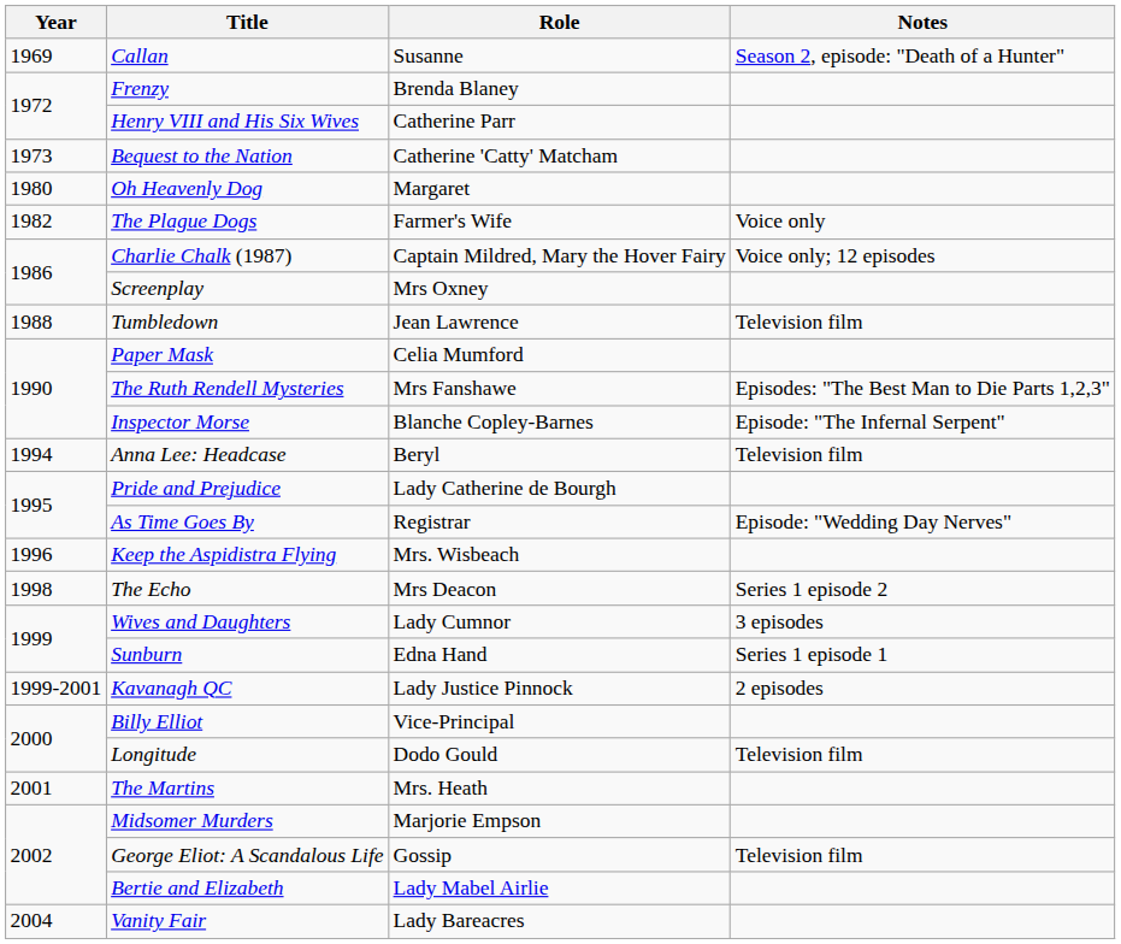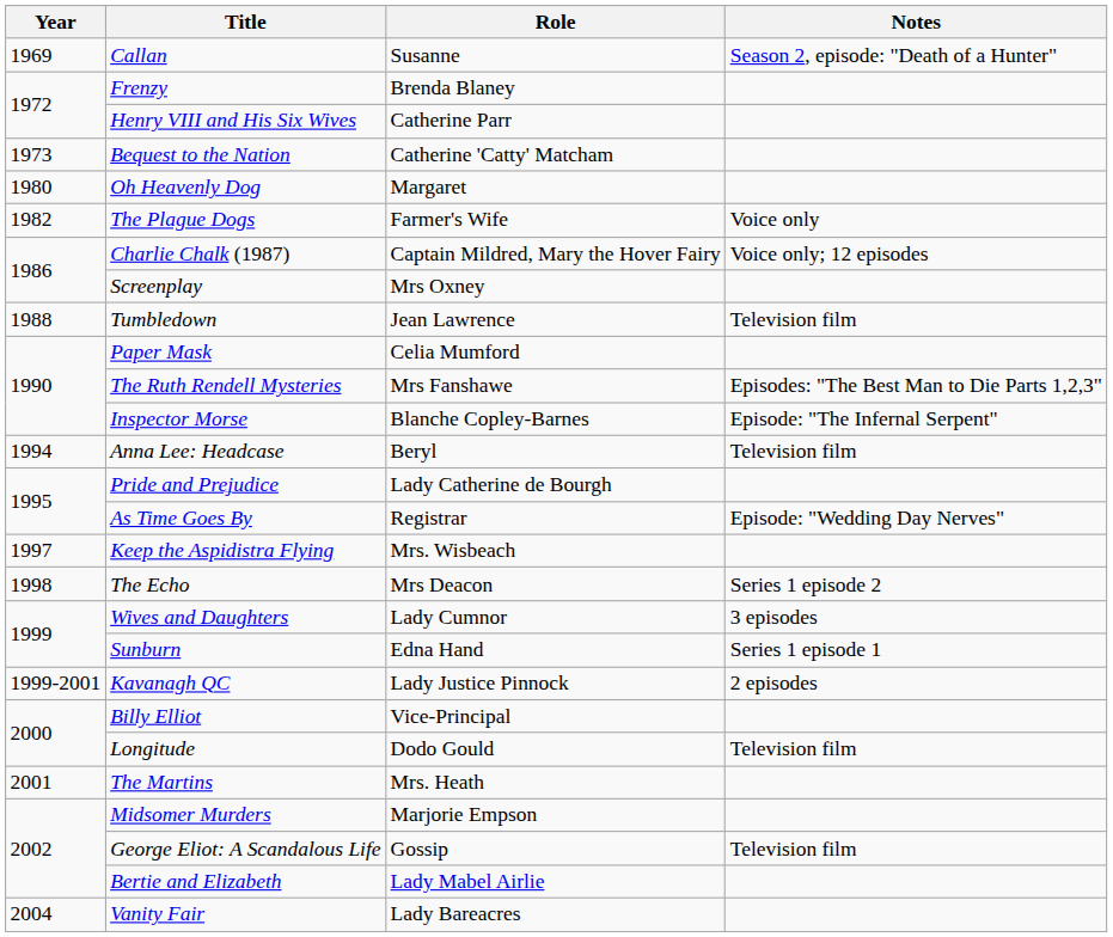 <table class="wikitable plainrowheaders sortable">
 <tr>
 <th scope="col">Year</th>
 <th scope="col">Title</th>
 <th scope="col">Role</th>
 <th class="unsortable">Notes</th>
 </tr>
 <tr>
 <td>1969</td>
 <td><a href='#'><em>Callan</em></a></td>
 <td>Susanne</td>
 <td><a href='#'>Season 2</a>, episode: "Death of a Hunter"</td>
 </tr>
 <tr>
 <td rowspan="2">1972</td>
 <td><em><a href='#'>Frenzy</a></em></td>
 <td>Brenda Blaney</td>
 <td></td>
 </tr>
 <tr>
 <td><em><a href='#'>Henry VIII and His Six Wives</a></em></td>
 <td>Catherine Parr</td>
 <td></td>
 </tr>
 <tr>
 <td>1973</td>
 <td><em><a href='#'>Bequest to the Nation</a></em></td>
 <td>Catherine 'Catty' Matcham</td>
 <td></td>
 </tr>
 <tr>
 <td>1980</td>
 <td><em><a href='#'>Oh Heavenly Dog</a></em></td>
 <td>Margaret</td>
 <td></td>
 </tr>
 <tr>
 <td>1982</td>
 <td><em><a href='#'>The Plague Dogs</a></em></td>
 <td>Farmer's Wife</td>
 <td>Voice only</td>
 </tr>
 <tr>
 <td rowspan="2">1986</td>
 <td><em><a href='#'>Charlie Chalk</a></em> (1987)</td>
 <td>Captain Mildred, Mary the Hover Fairy</td>
 <td>Voice only; 12 episodes</td>
 </tr>
 <tr>
 <td><em>Screenplay</em></td>
 <td>Mrs Oxney</td>
 <td></td>
 </tr>
 <tr>
 <td>1988</td>
 <td><em>Tumbledown</em></td>
 <td>Jean Lawrence</td>
 <td>Television film</td>
 </tr>
 <tr>
 <td rowspan="3">1990</td>
 <td><em><a href='#'>Paper Mask</a></em></td>
 <td>Celia Mumford</td>
 <td></td>
 </tr>
 <tr>
 <td><em><a href='#'>The Ruth Rendell Mysteries</a></em></td>
 <td>Mrs Fanshawe</td>
 <td>Episodes: "The Best Man to Die Parts 1,2,3"</td>
 </tr>
 <tr>
 <td><em><a href='#'>Inspector Morse</a></em></td>
 <td>Blanche Copley-Barnes</td>
 <td>Episode: "The Infernal Serpent"</td>
 </tr>
 <tr>
 <td>1994</td>
 <td><em>Anna Lee: Headcase</em></td>
 <td>Beryl</td>
 <td>Television film</td>
 </tr>
 <tr>
 <td rowspan="2'">1995</td>
 <td><em><a href='#'>Pride and Prejudice</a></em></td>
 <td>Lady Catherine de Bourgh</td>
 <td></td>
 </tr>
 <tr>
 <td><em><a href='#'>As Time Goes By</a></em></td>
 <td>Registrar</td>
 <td>Episode: "Wedding Day Nerves"</td>
 </tr>
 <tr>
-<td>1996</td>
+<td>1997</td>
 <td><em><a href='#'>Keep the Aspidistra Flying</a></em></td>
 <td>Mrs. Wisbeach</td>
 <td></td>
 </tr>
 <tr>
 <td>1998</td>
 <td><em>The Echo</em></td>
 <td>Mrs Deacon</td>
 <td>Series 1 episode 2</td>
 </tr>
 <tr>
 <td rowspan="2">1999</td>
 <td><em><a href='#'>Wives and Daughters</a></em></td>
 <td>Lady Cumnor</td>
 <td>3 episodes</td>
 </tr>
 <tr>
 <td><em><a href='#'>Sunburn</a></em></td>
 <td>Edna Hand</td>
 <td>Series 1 episode 1</td>
 </tr>
 <tr>
 <td>1999-2001</td>
 <td><em><a href='#'>Kavanagh QC</a></em></td>
 <td>Lady Justice Pinnock</td>
 <td>2 episodes</td>
 </tr>
 <tr>
 <td rowspan="2">2000</td>
 <td><em><a href='#'>Billy Elliot</a></em></td>
 <td>Vice-Principal</td>
 <td></td>
 </tr>
 <tr>
 <td><em>Longitude</em></td>
 <td>Dodo Gould</td>
 <td>Television film</td>
 </tr>
 <tr>
 <td>2001</td>
 <td><em><a href='#'>The Martins</a></em></td>
 <td>Mrs. Heath</td>
 <td></td>
 </tr>
 <tr>
 <td rowspan="3">2002</td>
 <td><em><a href='#'>Midsomer Murders</a></em></td>
 <td>Marjorie Empson</td>
 <td></td>
 </tr>
 <tr>
 <td><em>George Eliot: A Scandalous Life</em></td>
 <td>Gossip</td>
 <td>Television film</td>
 </tr>
 <tr>
 <td><em><a href='#'>Bertie and Elizabeth</a></em></td>
 <td><a href='#'>Lady Mabel Airlie</a></td>
 <td></td>
 </tr>
 <tr>
 <td>2004</td>
 <td><em><a href='#'>Vanity Fair</a></em></td>
 <td>Lady Bareacres</td>
 <td></td>
 </tr>
 <tr>
 </tr>
 </table>
